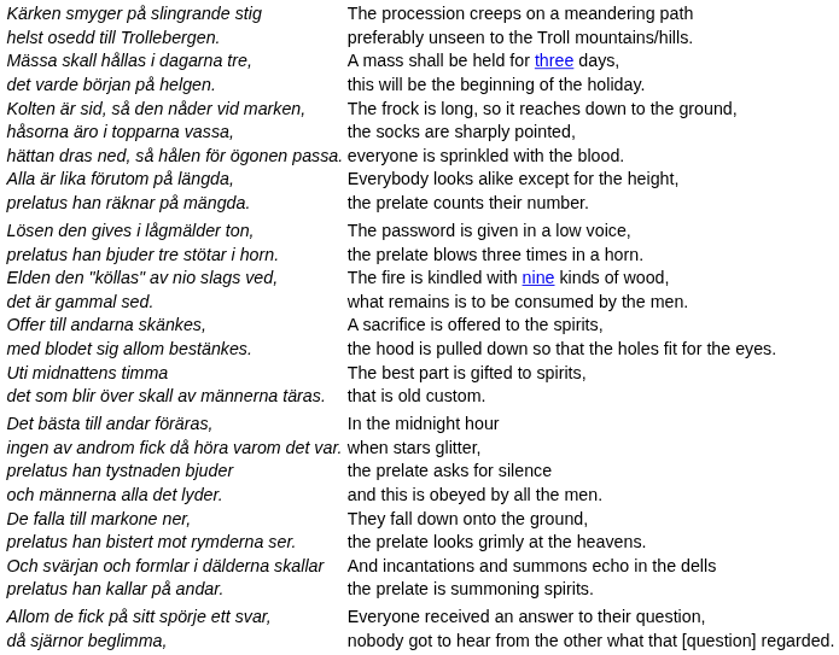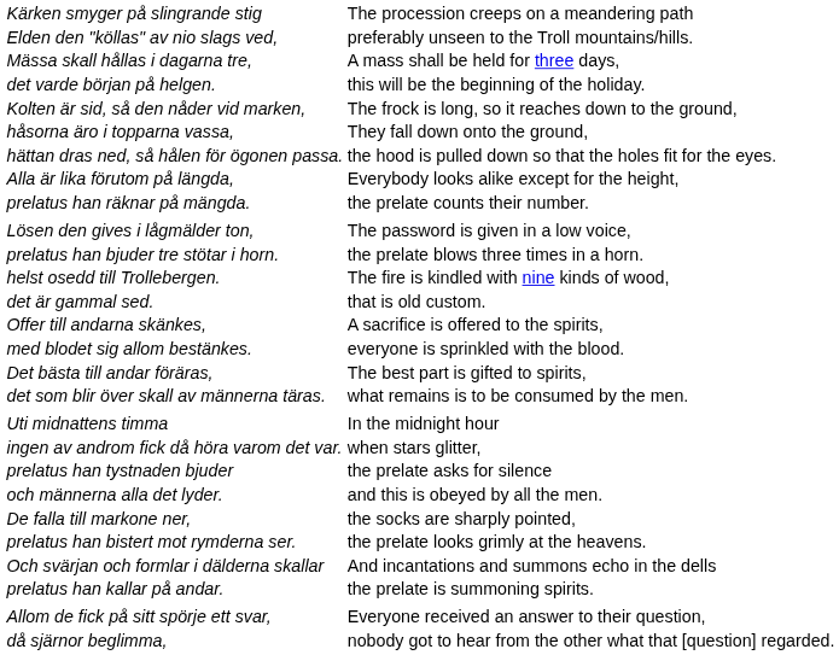 <table style="border: 0px" align=center cellpadding=2 cellspacing=0>
 <tr>
 <td><em>Kärken smyger på slingrande stig</em></td>
 <td>The procession creeps on a meandering path</td>
 </tr>
 <tr>
-<td><em>helst osedd till Trollebergen.</em></td>
+<td><em>Elden den "köllas" av nio slags ved,</em></td>
 <td>preferably unseen to the Troll mountains/hills.</td>
 </tr>
 <tr>
 <td><em>Mässa skall hållas i dagarna tre,</em></td>
 <td>A mass shall be held for <a href='#'>three</a> days,</td>
 </tr>
 <tr>
 <td><em>det varde början på helgen.</em></td>
 <td>this will be the beginning of the holiday.</td>
 </tr>
 <tr>
 <td><em>Kolten är sid, så den nåder vid marken,</em></td>
 <td>The frock is long, so it reaches down to the ground,</td>
 </tr>
 <tr>
 <td><em>håsorna äro i topparna vassa,</em></td>
-<td>the socks are sharply pointed,</td>
+<td>They fall down onto the ground,</td>
 </tr>
 <tr>
 <td><em>hättan dras ned, så hålen för ögonen passa.</em></td>
-<td>everyone is sprinkled with the blood.</td>
+<td>the hood is pulled down so that the holes fit for the eyes.</td>
 </tr>
 <tr>
 <td><em>Alla är lika förutom på längda,</em></td>
 <td>Everybody looks alike except for the height,</td>
 </tr>
 <tr>
 <td><em>prelatus han räknar på mängda.</em></td>
 <td>the prelate counts their number.</td>
 </tr>
 <tr>
 <td></td>
 <td></td>
 </tr>
 <tr>
 <td><em>Lösen den gives i lågmälder ton,</em></td>
 <td>The password is given in a low voice,</td>
 </tr>
 <tr>
 <td><em>prelatus han bjuder tre stötar i horn.</em></td>
 <td>the prelate blows three times in a horn.</td>
 </tr>
 <tr>
-<td><em>Elden den "köllas" av nio slags ved,</em></td>
+<td><em>helst osedd till Trollebergen.</em></td>
 <td>The fire is kindled with <a href='#'>nine</a> kinds of wood,</td>
 </tr>
 <tr>
 <td><em>det är gammal sed.</em></td>
-<td>what remains is to be consumed by the men.</td>
+<td>that is old custom.</td>
 </tr>
 <tr>
 <td><em>Offer till andarna skänkes,</em></td>
 <td>A sacrifice is offered to the spirits,</td>
 </tr>
 <tr>
 <td><em>med blodet sig allom bestänkes.</em></td>
-<td>the hood is pulled down so that the holes fit for the eyes.</td>
+<td>everyone is sprinkled with the blood.</td>
 </tr>
 <tr>
-<td><em>Uti midnattens timma</em></td>
+<td><em>Det bästa till andar föräras,</em></td>
 <td>The best part is gifted to spirits,</td>
 </tr>
 <tr>
 <td><em>det som blir över skall av männerna täras.</em></td>
-<td>that is old custom.</td>
+<td>what remains is to be consumed by the men.</td>
 </tr>
 <tr>
 <td></td>
 <td></td>
 </tr>
 <tr>
-<td><em>Det bästa till andar föräras,</em></td>
+<td><em>Uti midnattens timma</em></td>
 <td>In the midnight hour</td>
 </tr>
 <tr>
 <td><em>ingen av androm fick då höra varom det var.</em></td>
 <td>when stars glitter,</td>
 </tr>
 <tr>
 <td><em>prelatus han tystnaden bjuder</em></td>
 <td>the prelate asks for silence</td>
 </tr>
 <tr>
 <td><em>och männerna alla det lyder.</em></td>
 <td>and this is obeyed by all the men.</td>
 </tr>
 <tr>
 <td><em>De falla till markone ner,</em></td>
-<td>They fall down onto the ground,</td>
+<td>the socks are sharply pointed,</td>
 </tr>
 <tr>
 <td><em>prelatus han bistert mot rymderna ser.</em></td>
 <td>the prelate looks grimly at the heavens.</td>
 </tr>
 <tr>
 <td><em>Och svärjan och formlar i dälderna skallar</em></td>
 <td>And incantations and summons echo in the dells</td>
 </tr>
 <tr>
 <td><em>prelatus han kallar på andar.</em></td>
 <td>the prelate is summoning spirits.</td>
 </tr>
 <tr>
 <td></td>
 <td></td>
 </tr>
 <tr>
 <td><em>Allom de fick på sitt spörje ett svar,</em></td>
 <td>Everyone received an answer to their question,</td>
 </tr>
 <tr>
 <td><em>då sjärnor beglimma,</em></td>
 <td>nobody got to hear from the other what that [question] regarded.</td>
 </tr>
 </table>
